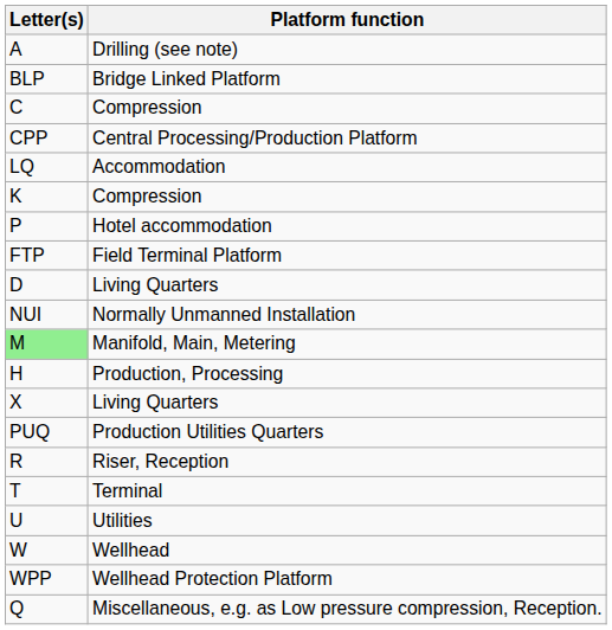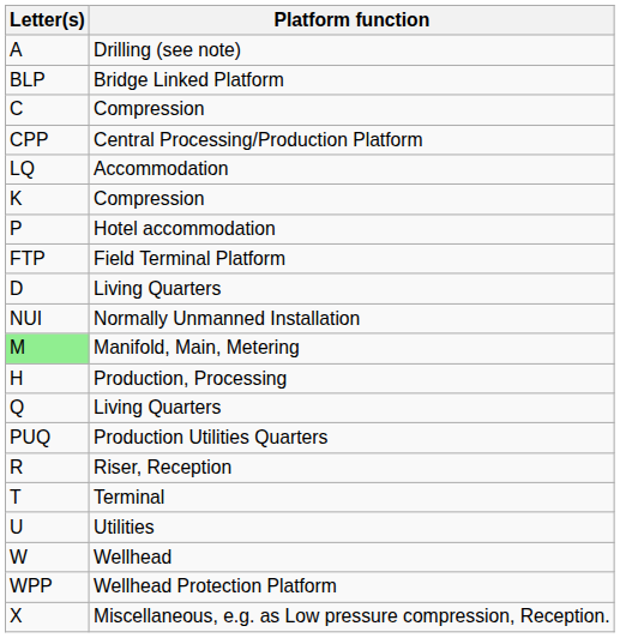 <table class="wikitable">
 <tr>
 <th>Letter(s)</th>
 <th>Platform function</th>
 </tr>
 <tr>
 <td>A</td>
 <td>Drilling (see note)</td>
 </tr>
 <tr>
 <td>BLP</td>
 <td>Bridge Linked Platform</td>
 </tr>
 <tr>
 <td>C</td>
 <td>Compression</td>
 </tr>
 <tr>
 <td>CPP</td>
 <td>Central Processing/Production Platform</td>
 </tr>
 <tr>
 <td>LQ</td>
 <td>Accommodation</td>
 </tr>
 <tr>
 <td>K</td>
 <td>Compression</td>
 </tr>
 <tr>
 <td>P</td>
 <td>Hotel accommodation</td>
 </tr>
 <tr>
 <td>FTP</td>
 <td>Field Terminal Platform</td>
 </tr>
 <tr>
 <td>D</td>
 <td>Living Quarters</td>
 </tr>
 <tr>
 <td>NUI</td>
 <td>Normally Unmanned Installation</td>
 </tr>
 <tr>
 <td style="background: lightgreen;">M</td>
 <td>Manifold, Main, Metering</td>
 </tr>
 <tr>
 <td>H</td>
 <td>Production, Processing</td>
 </tr>
 <tr>
-<td>X</td>
+<td>Q</td>
 <td>Living Quarters</td>
 </tr>
 <tr>
 <td>PUQ</td>
 <td>Production Utilities Quarters</td>
 </tr>
 <tr>
 <td>R</td>
 <td>Riser, Reception</td>
 </tr>
 <tr>
 <td>T</td>
 <td>Terminal</td>
 </tr>
 <tr>
 <td>U</td>
 <td>Utilities</td>
 </tr>
 <tr>
 <td>W</td>
 <td>Wellhead</td>
 </tr>
 <tr>
 <td>WPP</td>
 <td>Wellhead Protection Platform</td>
 </tr>
 <tr>
-<td>Q</td>
+<td>X</td>
 <td>Miscellaneous, e.g. as Low pressure compression, Reception.</td>
 </tr>
 </table>
